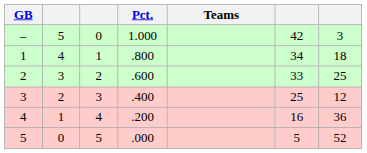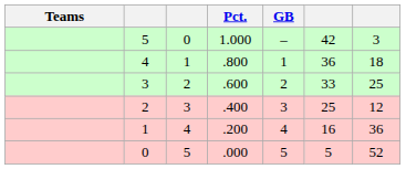 <table class="wikitable" width="50%" style="text-align:center;">
 <tr>
-<th width="7%"><a href='#'>GB</a></th>
+<th width="20%">Teams</th>
 <th width="7%"></th>
 <th width="7%"></th>
 <th width="8%"><a href='#'>Pct.</a></th>
-<th width="20%">Teams</th>
+<th width="7%"><a href='#'>GB</a></th>
 <th width="8%"></th>
 <th width="8%"></th>
 </tr>
 <tr bgcolor="#cfc">
-<td>–</td>
+<td align=left></td>
 <td>5</td>
 <td>0</td>
 <td>1.000</td>
-<td align=left></td>
+<td>–</td>
 <td>42</td>
 <td>3</td>
 </tr>
 <tr bgcolor="#cfc">
-<td>1</td>
+<td align=left></td>
 <td>4</td>
 <td>1</td>
 <td>.800</td>
-<td align=left></td>
-<td>34</td>
+<td>1</td>
+<td>36</td>
 <td>18</td>
 </tr>
 <tr bgcolor="#cfc">
-<td>2</td>
+<td align=left></td>
 <td>3</td>
 <td>2</td>
 <td>.600</td>
-<td align=left></td>
+<td>2</td>
 <td>33</td>
 <td>25</td>
 </tr>
 <tr bgcolor="#fcc">
-<td>3</td>
+<td align=left></td>
 <td>2</td>
 <td>3</td>
 <td>.400</td>
-<td align=left></td>
+<td>3</td>
 <td>25</td>
 <td>12</td>
 </tr>
 <tr bgcolor="#fcc">
-<td>4</td>
+<td align=left></td>
 <td>1</td>
 <td>4</td>
 <td>.200</td>
-<td align=left></td>
+<td>4</td>
 <td>16</td>
 <td>36</td>
 </tr>
 <tr bgcolor="#fcc">
-<td>5</td>
+<td align=left></td>
 <td>0</td>
 <td>5</td>
 <td>.000</td>
-<td align=left></td>
+<td>5</td>
 <td>5</td>
 <td>52</td>
 </tr>
 </table>
